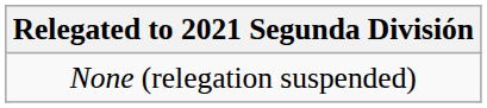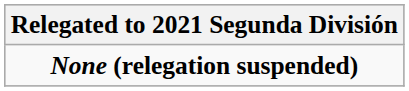 <table class="wikitable">
 <tr>
 <th colspan=3>Relegated to 2021 Segunda División</th>
 </tr>
 <tr>
-<td align=center><em>None</em> (relegation suspended)</td>
+<td align=center><strong><em>None</em> (relegation suspended)</strong></td>
 </tr>
 </table>
